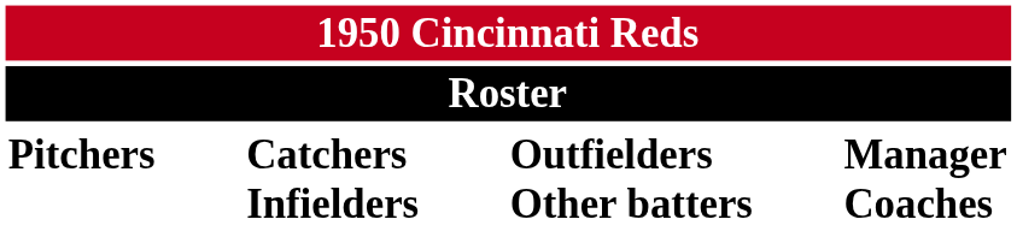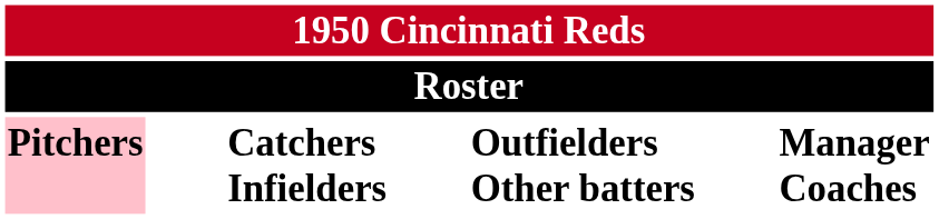 <table class="toccolours" style="font-size: 95%;">
 <tr>
 <th colspan="10" style="background-color: #c6011f; color: white; text-align: center;">1950 Cincinnati Reds</th>
 </tr>
 <tr>
 <td colspan="10" style="background-color: black; color: white; text-align: center;"><strong>Roster</strong></td>
 </tr>
 <tr>
-<td valign="top"><strong>Pitchers</strong><br>           </td>
+<td valign="top" style="background: pink;"><strong>Pitchers</strong><br>           </td>
 <td width="25px"></td>
 <td valign="top"><strong>Catchers</strong><br>     <strong>Infielders</strong>       </td>
 <td width="25px"></td>
 <td valign="top"><strong>Outfielders</strong><br>        <strong>Other batters</strong>  </td>
 <td width="25px"></td>
 <td valign="top"><strong>Manager</strong><br> <strong>Coaches</strong>   </td>
 </tr>
 </table>
